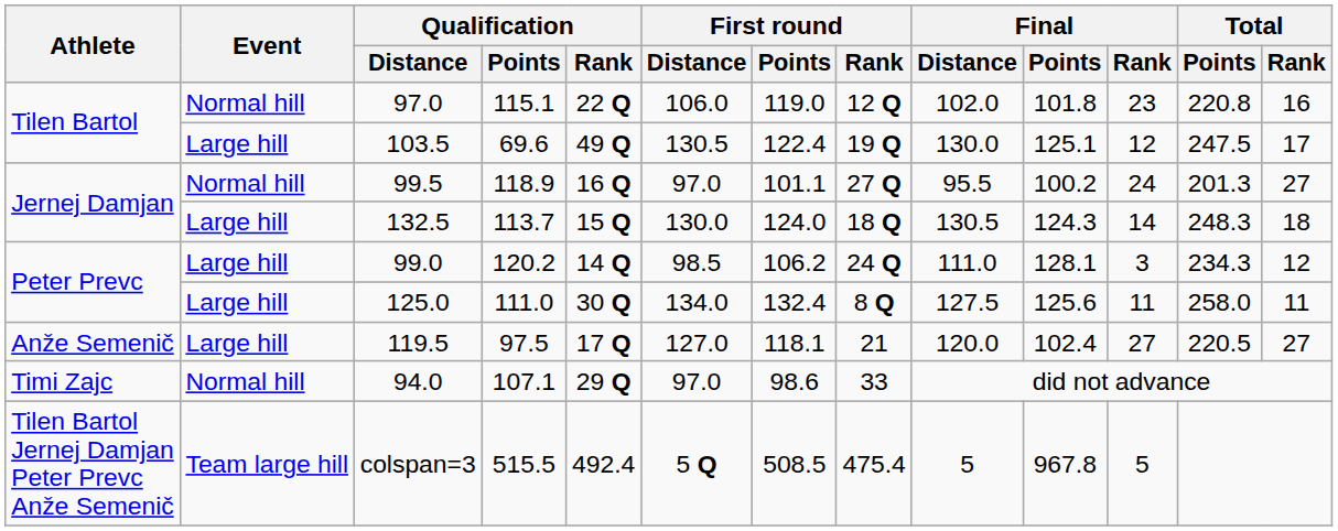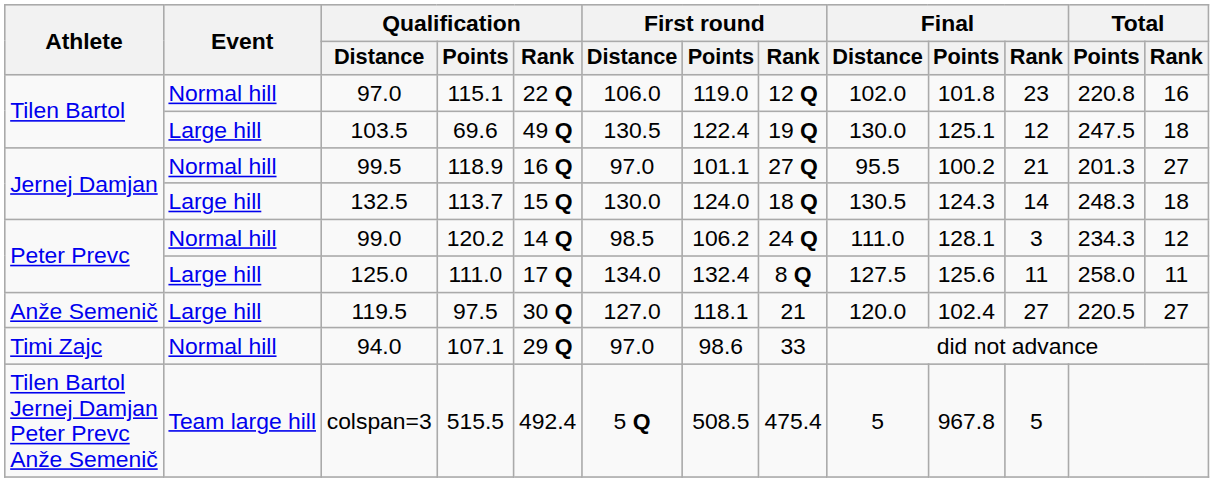 <table class="wikitable" style="font-size:90%">
 <tr>
 <th rowspan=2>Athlete</th>
 <th rowspan=2>Event</th>
 <th colspan=3>Qualification</th>
 <th colspan=3>First round</th>
 <th colspan=3>Final</th>
 <th colspan=2>Total</th>
 </tr>
 <tr style="font-size:95%">
 <th>Distance</th>
 <th>Points</th>
 <th>Rank</th>
 <th>Distance</th>
 <th>Points</th>
 <th>Rank</th>
 <th>Distance</th>
 <th>Points</th>
 <th>Rank</th>
 <th>Points</th>
 <th>Rank</th>
 </tr>
 <tr align=center>
 <td style="text-align:left;" rowspan="2"><a href='#'>Tilen Bartol</a></td>
 <td align=left><a href='#'>Normal hill</a></td>
 <td>97.0</td>
 <td>115.1</td>
 <td>22 <strong>Q</strong></td>
 <td>106.0</td>
 <td>119.0</td>
 <td>12 <strong>Q</strong></td>
 <td>102.0</td>
 <td>101.8</td>
 <td>23</td>
 <td>220.8</td>
 <td>16</td>
 </tr>
 <tr align=center>
 <td align=left><a href='#'>Large hill</a></td>
 <td>103.5</td>
 <td>69.6</td>
 <td>49 <strong>Q</strong></td>
 <td>130.5</td>
 <td>122.4</td>
 <td>19 <strong>Q</strong></td>
 <td>130.0</td>
 <td>125.1</td>
 <td>12</td>
 <td>247.5</td>
-<td>17</td>
+<td>18</td>
 </tr>
 <tr align=center>
 <td style="text-align:left;" rowspan="2"><a href='#'>Jernej Damjan</a></td>
 <td align=left><a href='#'>Normal hill</a></td>
 <td>99.5</td>
 <td>118.9</td>
 <td>16 <strong>Q</strong></td>
 <td>97.0</td>
 <td>101.1</td>
 <td>27 <strong>Q</strong></td>
 <td>95.5</td>
 <td>100.2</td>
-<td>24</td>
+<td>21</td>
 <td>201.3</td>
 <td>27</td>
 </tr>
 <tr align=center>
 <td align=left><a href='#'>Large hill</a></td>
 <td>132.5</td>
 <td>113.7</td>
 <td>15 <strong>Q</strong></td>
 <td>130.0</td>
 <td>124.0</td>
 <td>18 <strong>Q</strong></td>
 <td>130.5</td>
 <td>124.3</td>
 <td>14</td>
 <td>248.3</td>
 <td>18</td>
 </tr>
 <tr align=center>
 <td style="text-align:left;" rowspan="2"><a href='#'>Peter Prevc</a></td>
-<td align=left><a href='#'>Large hill</a></td>
+<td align=left><a href='#'>Normal hill</a></td>
 <td>99.0</td>
 <td>120.2</td>
 <td>14 <strong>Q</strong></td>
 <td>98.5</td>
 <td>106.2</td>
 <td>24 <strong>Q</strong></td>
 <td>111.0</td>
 <td>128.1</td>
 <td>3</td>
 <td>234.3</td>
 <td>12</td>
 </tr>
 <tr align=center>
 <td align=left><a href='#'>Large hill</a></td>
 <td>125.0</td>
 <td>111.0</td>
-<td>30 <strong>Q</strong></td>
+<td>17 <strong>Q</strong></td>
 <td>134.0</td>
 <td>132.4</td>
 <td>8 <strong>Q</strong></td>
 <td>127.5</td>
 <td>125.6</td>
 <td>11</td>
 <td>258.0</td>
 <td>11</td>
 </tr>
 <tr align=center>
 <td style="text-align:left;"><a href='#'>Anže Semenič</a></td>
 <td align=left><a href='#'>Large hill</a></td>
 <td>119.5</td>
 <td>97.5</td>
-<td>17 <strong>Q</strong></td>
+<td>30 <strong>Q</strong></td>
 <td>127.0</td>
 <td>118.1</td>
 <td>21</td>
 <td>120.0</td>
 <td>102.4</td>
 <td>27</td>
 <td>220.5</td>
 <td>27</td>
 </tr>
 <tr align=center>
 <td style="text-align:left;"><a href='#'>Timi Zajc</a></td>
 <td align=left><a href='#'>Normal hill</a></td>
 <td>94.0</td>
 <td>107.1</td>
 <td>29 <strong>Q</strong></td>
 <td>97.0</td>
 <td>98.6</td>
 <td>33</td>
 <td colspan=5>did not advance</td>
 </tr>
 <tr align=center>
 <td align=left><a href='#'>Tilen Bartol</a><br><a href='#'>Jernej Damjan</a><br><a href='#'>Peter Prevc</a><br><a href='#'>Anže Semenič</a></td>
 <td align=left><a href='#'>Team large hill</a></td>
 <td>colspan=3 </td>
 <td>515.5</td>
 <td>492.4</td>
 <td>5 <strong>Q</strong></td>
 <td>508.5</td>
 <td>475.4</td>
 <td>5</td>
 <td>967.8</td>
 <td>5</td>
 </tr>
 </table>
